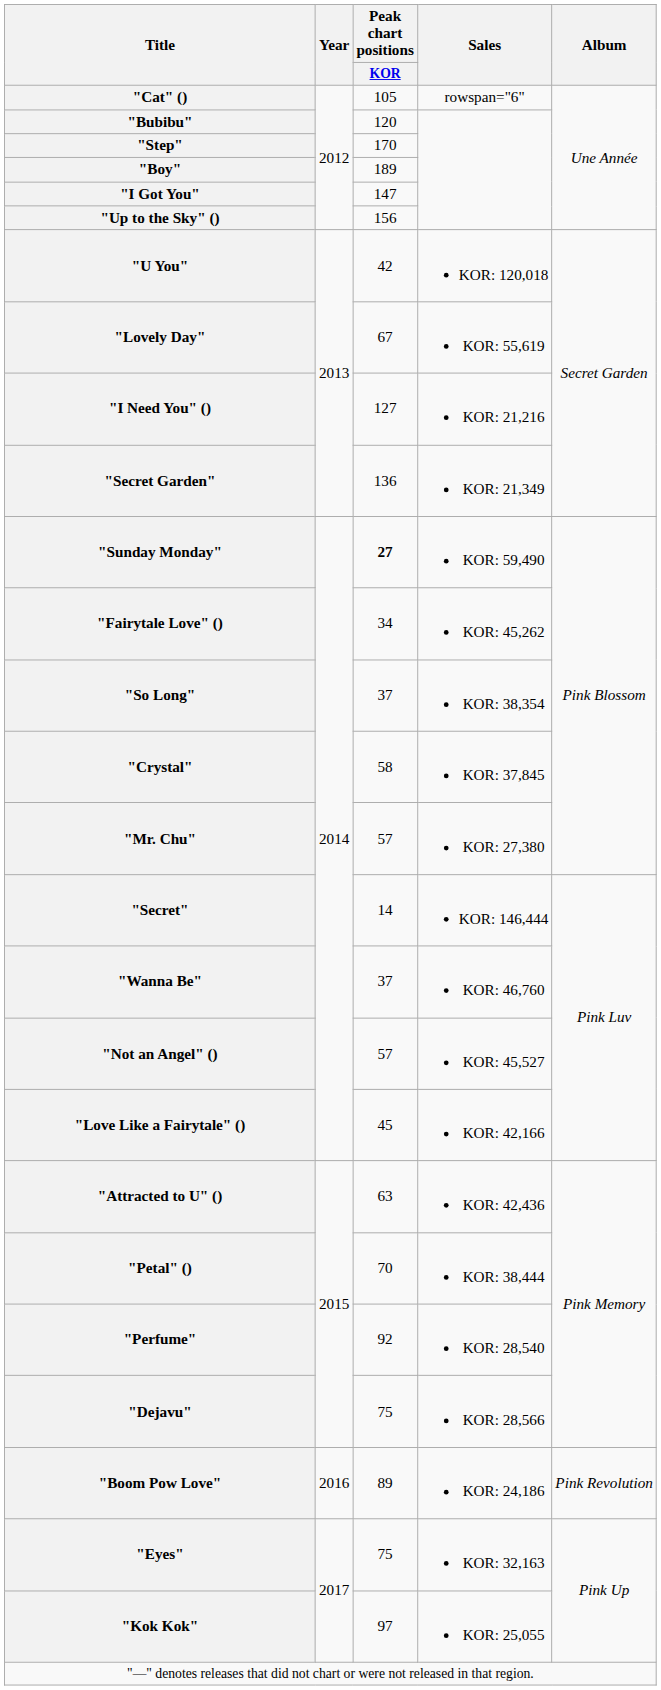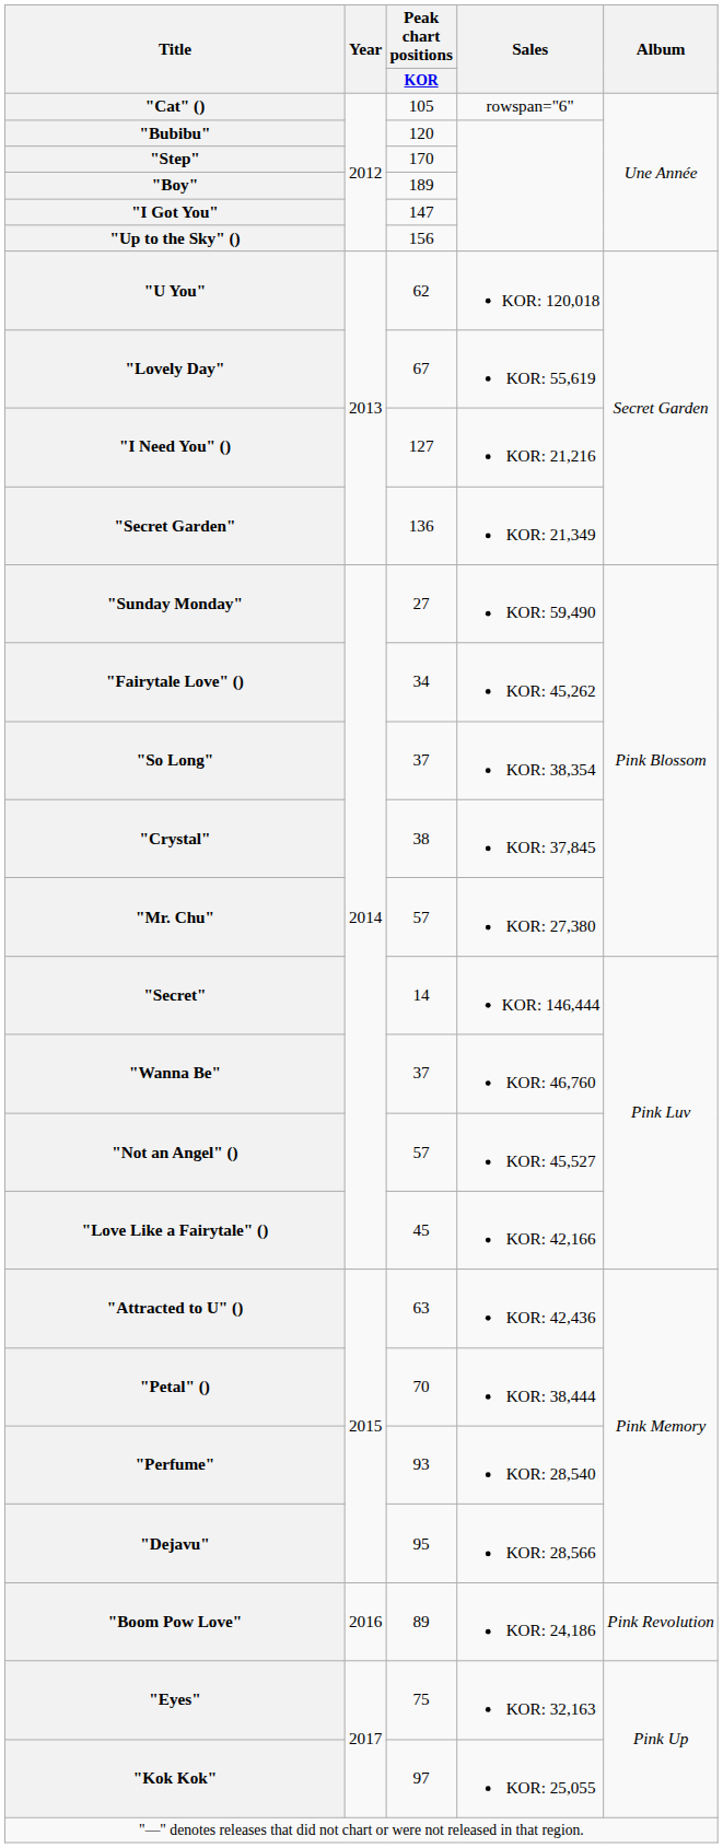 <table class="wikitable plainrowheaders" style="text-align:center;">
 <tr>
 <th scope="col" rowspan="2" style="width:20em;">Title</th>
 <th scope="col" rowspan="2">Year</th>
 <th scope="col">Peak chart positions</th>
 <th scope="col" rowspan="2">Sales</th>
 <th scope="col" rowspan="2">Album</th>
 </tr>
 <tr>
 <th scope="col" style="width:3em;font-size:90%;"><a href='#'>KOR</a><br></th>
 </tr>
 <tr>
 <th scope="row">"Cat" ()</th>
 <td rowspan="6">2012</td>
 <td>105</td>
 <td>rowspan="6" </td>
 <td rowspan="6"><em>Une Année</em></td>
 </tr>
 <tr>
 <th scope="row">"Bubibu"</th>
 <td>120</td>
 </tr>
 <tr>
 <th scope="row">"Step"</th>
 <td>170</td>
 </tr>
 <tr>
 <th scope="row">"Boy"</th>
 <td>189</td>
 </tr>
 <tr>
 <th scope="row">"I Got You"</th>
 <td>147</td>
 </tr>
 <tr>
 <th scope="row">"Up to the Sky" ()<br></th>
 <td>156</td>
 </tr>
 <tr>
 <th scope="row">"U You"</th>
 <td rowspan="4">2013</td>
-<td>42</td>
+<td>62</td>
 <td><br><ul><li>KOR: 120,018</li></ul></td>
 <td rowspan="4"><em>Secret Garden</em></td>
 </tr>
 <tr>
 <th scope="row">"Lovely Day"</th>
 <td>67</td>
 <td><br><ul><li>KOR: 55,619</li></ul></td>
 </tr>
 <tr>
 <th scope="row">"I Need You" ()</th>
 <td>127</td>
 <td><br><ul><li>KOR: 21,216</li></ul></td>
 </tr>
 <tr>
 <th scope="row">"Secret Garden"</th>
 <td>136</td>
 <td><br><ul><li>KOR: 21,349</li></ul></td>
 </tr>
 <tr>
 <th scope="row">"Sunday Monday"</th>
 <td rowspan="9">2014</td>
-<td><strong>27</strong></td>
+<td>27</td>
 <td><br><ul><li>KOR: 59,490</li></ul></td>
 <td rowspan="5"><em>Pink Blossom</em></td>
 </tr>
 <tr>
 <th scope="row">"Fairytale Love" ()</th>
 <td>34</td>
 <td><br><ul><li>KOR: 45,262</li></ul></td>
 </tr>
 <tr>
 <th scope="row">"So Long"</th>
 <td>37</td>
 <td><br><ul><li>KOR: 38,354</li></ul></td>
 </tr>
 <tr>
 <th scope="row">"Crystal"</th>
-<td>58</td>
+<td>38</td>
 <td><br><ul><li>KOR: 37,845</li></ul></td>
 </tr>
 <tr>
 <th scope="row">"Mr. Chu"</th>
 <td>57</td>
 <td><br><ul><li>KOR: 27,380</li></ul></td>
 </tr>
 <tr>
 <th scope="row">"Secret"</th>
 <td>14</td>
 <td><br><ul><li>KOR: 146,444</li></ul></td>
 <td rowspan="4"><em>Pink Luv</em></td>
 </tr>
 <tr>
 <th scope="row">"Wanna Be"</th>
 <td>37</td>
 <td><br><ul><li>KOR: 46,760</li></ul></td>
 </tr>
 <tr>
 <th scope="row">"Not an Angel" ()</th>
 <td>57</td>
 <td><br><ul><li>KOR: 45,527</li></ul></td>
 </tr>
 <tr>
 <th scope="row">"Love Like a Fairytale" ()</th>
 <td>45</td>
 <td><br><ul><li>KOR: 42,166</li></ul></td>
 </tr>
 <tr>
 <th scope="row">"Attracted to U" ()</th>
 <td rowspan="4">2015</td>
 <td>63</td>
 <td><br><ul><li>KOR: 42,436</li></ul></td>
 <td rowspan="4"><em>Pink Memory</em></td>
 </tr>
 <tr>
 <th scope="row">"Petal" ()</th>
 <td>70</td>
 <td><br><ul><li>KOR: 38,444</li></ul></td>
 </tr>
 <tr>
 <th scope="row">"Perfume"</th>
-<td>92</td>
+<td>93</td>
 <td><br><ul><li>KOR: 28,540</li></ul></td>
 </tr>
 <tr>
 <th scope="row">"Dejavu"</th>
-<td>75</td>
+<td>95</td>
 <td><br><ul><li>KOR: 28,566</li></ul></td>
 </tr>
 <tr>
 <th scope="row">"Boom Pow Love"</th>
 <td>2016</td>
 <td>89</td>
 <td><br><ul><li>KOR: 24,186</li></ul></td>
 <td><em>Pink Revolution</em></td>
 </tr>
 <tr>
 <th scope="row">"Eyes"</th>
 <td rowspan="2">2017</td>
 <td>75</td>
 <td><br><ul><li>KOR: 32,163</li></ul></td>
 <td rowspan="2"><em>Pink Up</em></td>
 </tr>
 <tr>
 <th scope="row">"Kok Kok"</th>
 <td>97</td>
 <td><br><ul><li>KOR: 25,055</li></ul></td>
 </tr>
 <tr>
 <td colspan="5" style="font-size:90%">"—" denotes releases that did not chart or were not released in that region.</td>
 </tr>
 </table>
